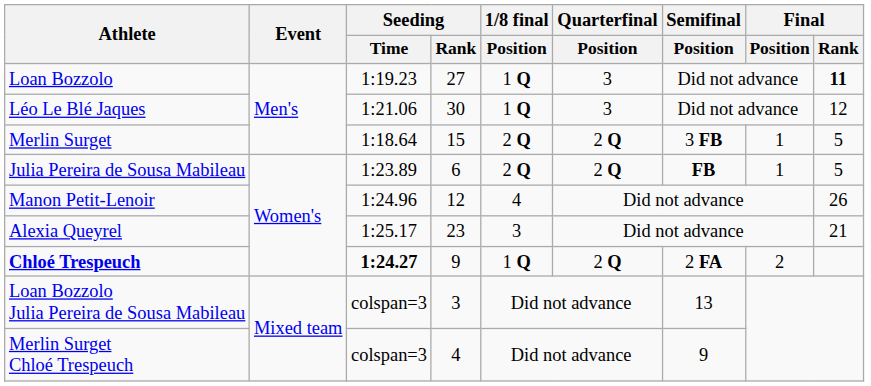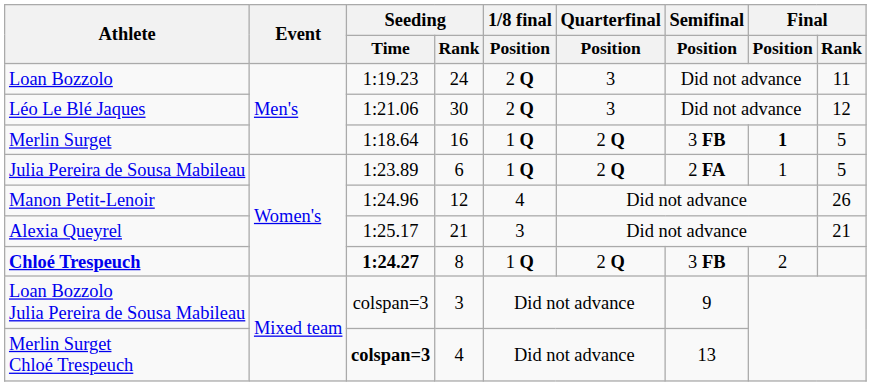 <table class=wikitable style=font-size:90%;text-align:center>
 <tr>
 <th rowspan=2>Athlete</th>
 <th rowspan=2>Event</th>
 <th colspan=2>Seeding</th>
 <th>1/8 final</th>
 <th>Quarterfinal</th>
 <th>Semifinal</th>
 <th colspan=2>Final</th>
 </tr>
 <tr style=font-size:95%>
 <th>Time</th>
 <th>Rank</th>
 <th>Position</th>
 <th>Position</th>
 <th>Position</th>
 <th>Position</th>
 <th>Rank</th>
 </tr>
 <tr>
 <td align=left><a href='#'>Loan Bozzolo</a></td>
 <td align=left rowspan=3><a href='#'>Men's</a></td>
 <td>1:19.23</td>
-<td>27</td>
-<td>1 <strong>Q</strong></td>
+<td>24</td>
+<td>2 <strong>Q</strong></td>
 <td>3</td>
 <td colspan=2>Did not advance</td>
-<td><strong>11</strong></td>
+<td>11</td>
 </tr>
 <tr>
 <td align=left><a href='#'>Léo Le Blé Jaques</a></td>
 <td>1:21.06</td>
 <td>30</td>
-<td>1 <strong>Q</strong></td>
+<td>2 <strong>Q</strong></td>
 <td>3</td>
 <td colspan=2>Did not advance</td>
 <td>12</td>
 </tr>
 <tr>
 <td align=left><a href='#'>Merlin Surget</a></td>
 <td>1:18.64</td>
-<td>15</td>
-<td>2 <strong>Q</strong></td>
+<td>16</td>
+<td>1 <strong>Q</strong></td>
 <td>2 <strong>Q</strong></td>
 <td>3 <strong>FB</strong></td>
-<td>1</td>
+<td><strong>1</strong></td>
 <td>5</td>
 </tr>
 <tr>
 <td align=left><a href='#'>Julia Pereira de Sousa Mabileau</a></td>
 <td align=left rowspan=4><a href='#'>Women's</a></td>
 <td>1:23.89</td>
 <td>6</td>
+<td>1 <strong>Q</strong></td>
 <td>2 <strong>Q</strong></td>
-<td>2 <strong>Q</strong></td>
-<td> <strong>FB</strong></td>
+<td>2 <strong>FA</strong></td>
 <td>1</td>
 <td>5</td>
 </tr>
 <tr>
 <td align=left><a href='#'>Manon Petit-Lenoir</a></td>
 <td>1:24.96</td>
 <td>12</td>
 <td>4</td>
 <td colspan=3>Did not advance</td>
 <td>26</td>
 </tr>
 <tr>
 <td align=left><a href='#'>Alexia Queyrel</a></td>
 <td>1:25.17</td>
-<td>23</td>
+<td>21</td>
 <td>3</td>
 <td colspan=3>Did not advance</td>
 <td>21</td>
 </tr>
 <tr>
 <td align=left><strong><a href='#'>Chloé Trespeuch</a></strong></td>
 <td><strong>1:24.27</strong></td>
-<td>9</td>
+<td>8</td>
 <td>1 <strong>Q</strong></td>
 <td>2 <strong>Q</strong></td>
-<td>2 <strong>FA</strong></td>
+<td>3 <strong>FB</strong></td>
 <td>2</td>
 <td></td>
 </tr>
 <tr>
 <td align=left><a href='#'>Loan Bozzolo</a><br><a href='#'>Julia Pereira de Sousa Mabileau</a></td>
 <td align=left rowspan=2><a href='#'>Mixed team</a></td>
 <td>colspan=3 </td>
 <td>3</td>
 <td colspan=2>Did not advance</td>
-<td>13</td>
+<td>9</td>
 </tr>
 <tr>
 <td align=left><a href='#'>Merlin Surget</a><br><a href='#'>Chloé Trespeuch</a></td>
-<td>colspan=3 </td>
+<td><strong>colspan=3 </strong></td>
 <td>4</td>
 <td colspan=2>Did not advance</td>
-<td>9</td>
+<td>13</td>
 </tr>
 </table>
